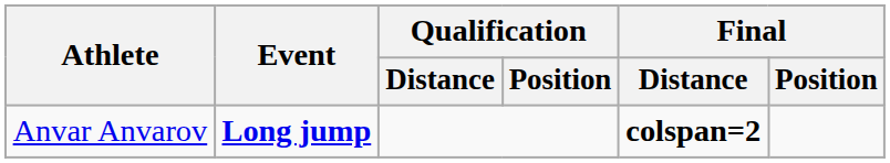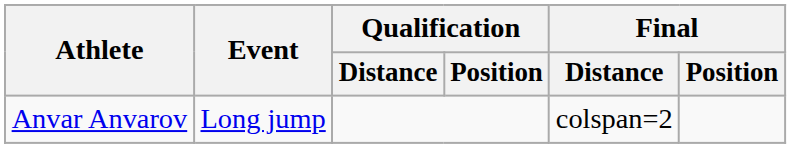 <table class=wikitable style=font-size:90%>
 <tr>
 <th rowspan=2>Athlete</th>
 <th rowspan=2>Event</th>
 <th colspan=2>Qualification</th>
 <th colspan=2>Final</th>
 </tr>
 <tr style=font-size:95%>
 <th>Distance</th>
 <th>Position</th>
 <th>Distance</th>
 <th>Position</th>
 </tr>
 <tr align=center>
 <td align=left><a href='#'>Anvar Anvarov</a></td>
-<td align=left><strong><a href='#'>Long jump</a></strong></td>
+<td align=left><a href='#'>Long jump</a></td>
 <td colspan=2></td>
-<td><strong>colspan=2 </strong></td>
+<td>colspan=2 </td>
 </tr>
 </table>
